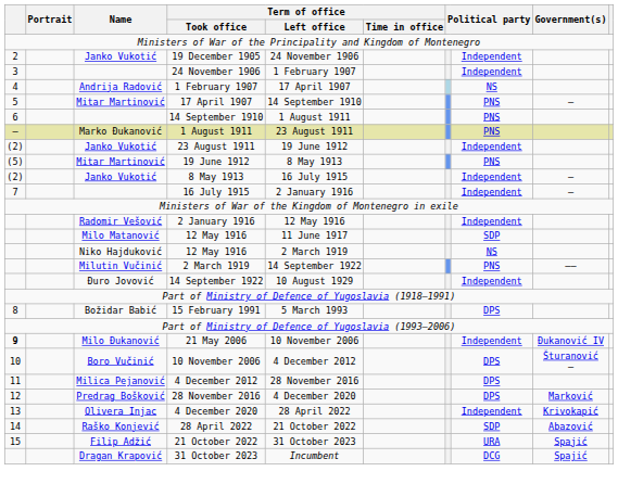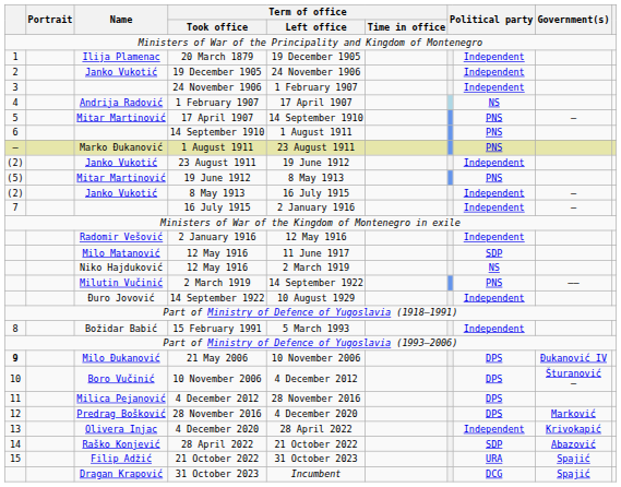 <table class="wikitable" style="text-align:center">
 <tr>
 <th rowspan=2></th>
 <th rowspan=2>Portrait</th>
 <th rowspan=2>Name<br></th>
 <th colspan=3>Term of office</th>
 <th colspan=2 rowspan=2>Political party</th>
 <th rowspan="2">Government(s)</th>
 <th rowspan="2"></th>
 </tr>
 <tr>
 <th>Took office</th>
 <th>Left office</th>
 <th>Time in office</th>
 </tr>
 <tr>
 <td colspan="10"><em>Ministers of War of the Principality and Kingdom of Montenegro</em></td>
+</tr>
+<tr>
+<td>1</td>
+<td></td>
+<td><a href='#'>Ilija Plamenac</a><br></td>
+<td>20 March 1879</td>
+<td>19 December 1905</td>
+<td></td>
+<th style="background:"></th>
+<td><a href='#'>Independent</a></td>
+<td></td>
+<td></td>
 </tr>
 <tr>
 <td>2</td>
 <td></td>
 <td><a href='#'>Janko Vukotić</a><br></td>
 <td>19 December 1905</td>
 <td>24 November 1906</td>
 <td></td>
 <th style="background:"></th>
 <td><a href='#'>Independent</a></td>
 <td></td>
 <td></td>
 </tr>
 <tr>
 <td>3</td>
 <td></td>
 <td><br></td>
 <td>24 November 1906</td>
 <td>1 February 1907</td>
 <td></td>
 <th style="background:"></th>
 <td><a href='#'>Independent</a></td>
 <td></td>
 <td></td>
 </tr>
 <tr>
 <td>4</td>
 <td></td>
 <td><a href='#'>Andrija Radović</a><br></td>
 <td>1 February 1907</td>
 <td>17 April 1907</td>
 <td></td>
 <th style="background:lightblue;"></th>
 <td><a href='#'>NS</a></td>
 <td></td>
 <td></td>
 </tr>
 <tr>
 <td>5</td>
 <td></td>
 <td><a href='#'>Mitar Martinović</a><br></td>
 <td>17 April 1907</td>
 <td>14 September 1910</td>
 <td></td>
 <th style="background:#6495ED;"></th>
 <td><a href='#'>PNS</a></td>
 <td>–</td>
 <td></td>
 </tr>
 <tr>
 <td>6</td>
 <td></td>
 <td><br></td>
 <td>14 September 1910</td>
 <td>1 August 1911</td>
 <td></td>
 <th style="background:#6495ED;"></th>
 <td><a href='#'>PNS</a></td>
 <td></td>
 <td></td>
 </tr>
 <tr style="background:#e6e6aa;">
 <td>–</td>
 <td></td>
 <td>Marko Đukanović<br></td>
 <td>1 August 1911</td>
 <td>23 August 1911</td>
 <td></td>
 <th style="background:#6495ED;"></th>
 <td><a href='#'>PNS</a></td>
 <td></td>
 <td></td>
 </tr>
 <tr>
 <td>(2)</td>
 <td></td>
 <td><a href='#'>Janko Vukotić</a><br></td>
 <td>23 August 1911</td>
 <td>19 June 1912</td>
 <td></td>
 <th style="background:"></th>
 <td><a href='#'>Independent</a></td>
 <td></td>
 <td></td>
 </tr>
 <tr>
 <td>(5)</td>
 <td></td>
 <td><a href='#'>Mitar Martinović</a><br></td>
 <td>19 June 1912</td>
 <td>8 May 1913</td>
 <td></td>
 <th style="background:#6495ED;"></th>
 <td><a href='#'>PNS</a></td>
 <td></td>
 <td></td>
 </tr>
 <tr>
 <td>(2)</td>
 <td></td>
 <td><a href='#'>Janko Vukotić</a><br></td>
 <td>8 May 1913</td>
 <td>16 July 1915</td>
 <td></td>
 <th style="background:"></th>
 <td><a href='#'>Independent</a></td>
 <td>–</td>
 <td></td>
 </tr>
 <tr>
 <td>7</td>
 <td></td>
 <td><br></td>
 <td>16 July 1915</td>
 <td>2 January 1916</td>
 <td></td>
 <th style="background:"></th>
 <td><a href='#'>Independent</a></td>
 <td>–<br></td>
 <td></td>
 </tr>
 <tr>
 <td colspan="10"><em>Ministers of War of the Kingdom of Montenegro in exile</em></td>
 </tr>
 <tr>
 <td></td>
 <td></td>
 <td><a href='#'>Radomir Vešović</a><br></td>
 <td>2 January 1916</td>
 <td>12 May 1916</td>
 <td></td>
 <th style="background:"></th>
 <td><a href='#'>Independent</a></td>
 <td></td>
 <td></td>
 </tr>
 <tr>
 <td></td>
 <td></td>
 <td><a href='#'>Milo Matanović</a><br></td>
 <td>12 May 1916</td>
 <td>11 June 1917</td>
 <td></td>
 <th style="background:"></th>
 <td><a href='#'>SDP</a></td>
 <td><br></td>
 <td></td>
 </tr>
 <tr>
 <td></td>
 <td></td>
 <td>Niko Hajduković<br></td>
 <td>12 May 1916</td>
 <td>2 March 1919</td>
 <td></td>
 <th style="background:"></th>
 <td><a href='#'>NS</a></td>
 <td><br></td>
 <td></td>
 </tr>
 <tr>
 <td></td>
 <td></td>
 <td><a href='#'>Milutin Vučinić</a><br></td>
 <td>2 March 1919</td>
 <td>14 September 1922</td>
 <td></td>
 <th style="background:#6495ED;"></th>
 <td><a href='#'>PNS</a></td>
 <td>––<br></td>
 <td></td>
 </tr>
 <tr>
 <td></td>
 <td></td>
 <td>Đuro Jovović <br></td>
 <td>14 September 1922</td>
 <td>10 August 1929</td>
 <td></td>
 <th style="background:"></th>
 <td><a href='#'>Independent</a></td>
 <td></td>
 <td></td>
 </tr>
 <tr>
 <td colspan="10"><em>Part of <a href='#'>Ministry of Defence of Yugoslavia</a> (1918–1991)</em></td>
 </tr>
 <tr>
 <td>8</td>
 <td></td>
 <td>Božidar Babić<br></td>
 <td>15 February 1991</td>
 <td>5 March 1993</td>
 <td></td>
 <th style="background:"></th>
-<td><a href='#'>DPS</a></td>
+<td><a href='#'>Independent</a></td>
 <td></td>
 <td></td>
 </tr>
 <tr>
 <td colspan="10"><em>Part of <a href='#'>Ministry of Defence of Yugoslavia</a> (1993–2006)</em></td>
 </tr>
 <tr>
 <td><strong>9</strong></td>
 <td></td>
 <td><a href='#'>Milo Đukanović</a><br></td>
 <td>21 May 2006</td>
 <td>10 November 2006</td>
 <td></td>
 <th style="background:"></th>
-<td><a href='#'>Independent</a></td>
+<td><a href='#'>DPS</a></td>
 <td><a href='#'>Đukanović IV</a></td>
 <td></td>
 </tr>
 <tr>
 <td>10</td>
 <td></td>
 <td><a href='#'>Boro Vučinić</a><br></td>
 <td>10 November 2006</td>
 <td>4 December 2012</td>
 <td></td>
 <th style="background:"></th>
 <td><a href='#'>DPS</a></td>
 <td><a href='#'>Šturanović</a><br>–<br></td>
 <td></td>
 </tr>
 <tr>
 <td>11</td>
 <td></td>
 <td><a href='#'>Milica Pejanović</a><br></td>
 <td>4 December 2012</td>
 <td>28 November 2016</td>
 <td></td>
 <th style="background:"></th>
 <td><a href='#'>DPS</a></td>
 <td></td>
 <td></td>
 </tr>
 <tr>
 <td>12</td>
 <td></td>
 <td><a href='#'>Predrag Bošković</a><br></td>
 <td>28 November 2016</td>
 <td>4 December 2020</td>
 <td></td>
 <th style="background:"></th>
 <td><a href='#'>DPS</a></td>
 <td><a href='#'>Marković</a></td>
 <td></td>
 </tr>
 <tr>
 <td>13</td>
 <td></td>
 <td><a href='#'>Olivera Injac</a><br></td>
 <td>4 December 2020</td>
 <td>28 April 2022</td>
 <td></td>
 <th style="background:"></th>
 <td><a href='#'>Independent</a></td>
 <td><a href='#'>Krivokapić</a></td>
 <td></td>
 </tr>
 <tr>
 <td>14</td>
 <td></td>
 <td><a href='#'>Raško Konjević</a><br></td>
 <td>28 April 2022</td>
 <td>21 October 2022</td>
 <td></td>
 <th style="background:"></th>
 <td><a href='#'>SDP</a></td>
 <td><a href='#'>Abazović</a></td>
 <td></td>
 </tr>
 <tr>
 <td>15</td>
 <td></td>
 <td><a href='#'>Filip Adžić</a><br></td>
 <td>21 October 2022</td>
 <td>31 October 2023</td>
 <td></td>
 <th style="background:"></th>
 <td><a href='#'>URA</a></td>
 <td><a href='#'>Spajić</a></td>
 <td></td>
 </tr>
 <tr>
 <td></td>
 <td></td>
 <td><a href='#'>Dragan Krapović</a></td>
 <td>31 October 2023</td>
 <td><em>Incumbent</em></td>
 <td></td>
 <th style="background:"></th>
 <td><a href='#'>DCG</a></td>
 <td><a href='#'>Spajić</a></td>
 <td></td>
 </tr>
 </table>
